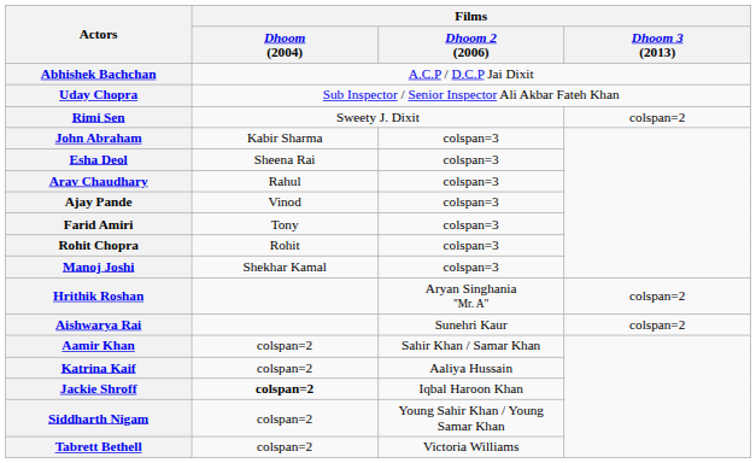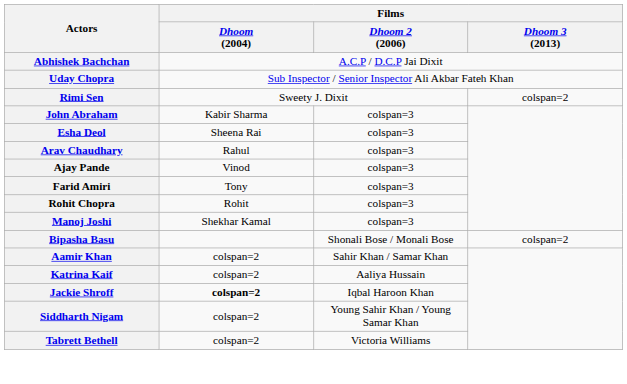 <table class="wikitable" style="text-align:center; width:100%;">
 <tr>
 <th scope="col" rowspan="2" style="text-align:center;">Actors</th>
 <th colspan="3" scope="col" style="text-align:center:">Films</th>
 </tr>
 <tr>
 <th scope="col" style="width:25%"><em><a href='#'>Dhoom</a></em><br>(2004)</th>
 <th scope="col" style="width:25%"><em><a href='#'>Dhoom 2</a></em><br>(2006)</th>
 <th scope="col" style="width:25%"><em><a href='#'>Dhoom 3</a></em><br>(2013)</th>
 </tr>
 <tr>
 <th><a href='#'>Abhishek Bachchan</a></th>
 <td colspan="3"><a href='#'>A.C.P</a> / <a href='#'>D.C.P</a> Jai Dixit</td>
 </tr>
 <tr>
 <th><a href='#'>Uday Chopra</a></th>
 <td colspan="3"><a href='#'>Sub Inspector</a> / <a href='#'>Senior Inspector</a> Ali Akbar Fateh Khan</td>
 </tr>
 <tr>
 <th><a href='#'>Rimi Sen</a></th>
 <td colspan=2>Sweety J. Dixit</td>
 <td>colspan=2 </td>
 </tr>
 <tr>
 <th><a href='#'>John Abraham</a></th>
 <td>Kabir Sharma</td>
 <td>colspan=3 </td>
 </tr>
 <tr>
 <th><a href='#'>Esha Deol</a></th>
 <td>Sheena Rai</td>
 <td>colspan=3 </td>
 </tr>
 <tr>
 <th><a href='#'>Arav Chaudhary</a></th>
 <td>Rahul</td>
 <td>colspan=3 </td>
 </tr>
 <tr>
 <th>Ajay Pande</th>
 <td>Vinod</td>
 <td>colspan=3 </td>
 </tr>
 <tr>
 <th>Farid Amiri</th>
 <td>Tony</td>
 <td>colspan=3 </td>
 </tr>
 <tr>
 <th>Rohit Chopra</th>
 <td>Rohit</td>
 <td>colspan=3 </td>
 </tr>
 <tr>
 <th><a href='#'>Manoj Joshi</a></th>
 <td>Shekhar Kamal</td>
 <td>colspan=3 </td>
 </tr>
 <tr>
-<th><a href='#'>Hrithik Roshan</a></th>
+<th><a href='#'>Bipasha Basu</a></th>
 <td></td>
-<td>Aryan Singhania<br><small>"Mr. A"</small></td>
-<td>colspan=2 </td>
-</tr>
-<tr>
-<th><a href='#'>Aishwarya Rai</a></th>
-<td></td>
-<td>Sunehri Kaur</td>
+<td>Shonali Bose / Monali Bose</td>
 <td>colspan=2 </td>
 </tr>
 <tr>
 <th><a href='#'>Aamir Khan</a></th>
 <td>colspan=2 </td>
 <td>Sahir Khan / Samar Khan</td>
 </tr>
 <tr>
 <th><a href='#'>Katrina Kaif</a></th>
 <td>colspan=2 </td>
 <td>Aaliya Hussain</td>
 </tr>
 <tr>
 <th><a href='#'>Jackie Shroff</a></th>
 <td><strong>colspan=2 </strong></td>
 <td>Iqbal Haroon Khan</td>
 </tr>
 <tr>
 <th><a href='#'>Siddharth Nigam</a></th>
 <td>colspan=2 </td>
 <td>Young Sahir Khan / Young Samar Khan</td>
 </tr>
 <tr>
 <th><a href='#'>Tabrett Bethell</a></th>
 <td>colspan=2 </td>
 <td>Victoria Williams</td>
 </tr>
 </table>
